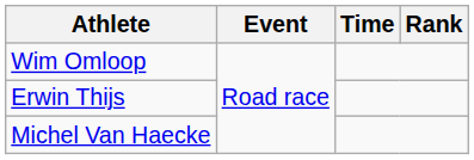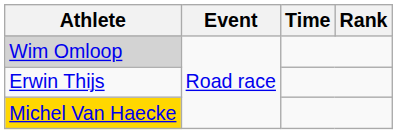 <table class="wikitable" style="font-size:90%">
 <tr>
 <th>Athlete</th>
 <th>Event</th>
 <th>Time</th>
 <th>Rank</th>
 </tr>
 <tr align=center>
-<td align=left><a href='#'>Wim Omloop</a></td>
+<td align=left style="background: lightgrey;"><a href='#'>Wim Omloop</a></td>
 <td align=left rowspan=3><a href='#'>Road race</a></td>
 <td colspan=2></td>
 </tr>
 <tr align=center>
 <td align=left><a href='#'>Erwin Thijs</a></td>
 <td colspan=2></td>
 </tr>
 <tr align=center>
-<td align=left><a href='#'>Michel Van Haecke</a></td>
+<td align=left style="background: gold;"><a href='#'>Michel Van Haecke</a></td>
 <td colspan=2></td>
 </tr>
 </table>
